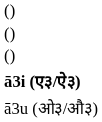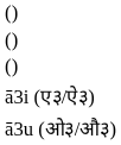 <table class="floatright">
 <tr>
 <td> ()</td>
 </tr>
 <tr>
 <td> ()</td>
 </tr>
 <tr>
 <td> ()</td>
 </tr>
 <tr>
-<td><strong>ā3i (ए३/ऐ३)</strong></td>
+<td>ā3i (ए३/ऐ३)</td>
 </tr>
 <tr>
 <td>ā3u (ओ३/औ३)</td>
 </tr>
 <tr>
 <td></td>
 </tr>
 <tr>
 <td></td>
 </tr>
 </table>
